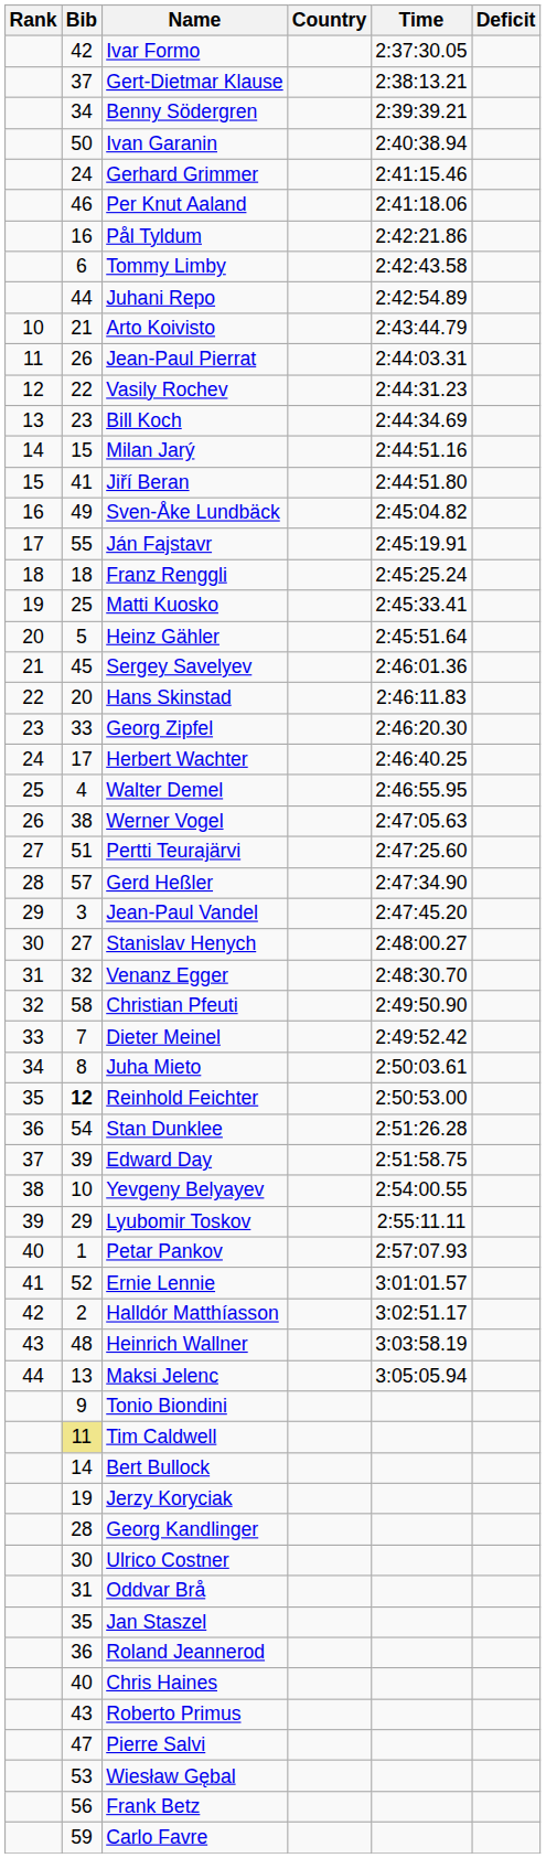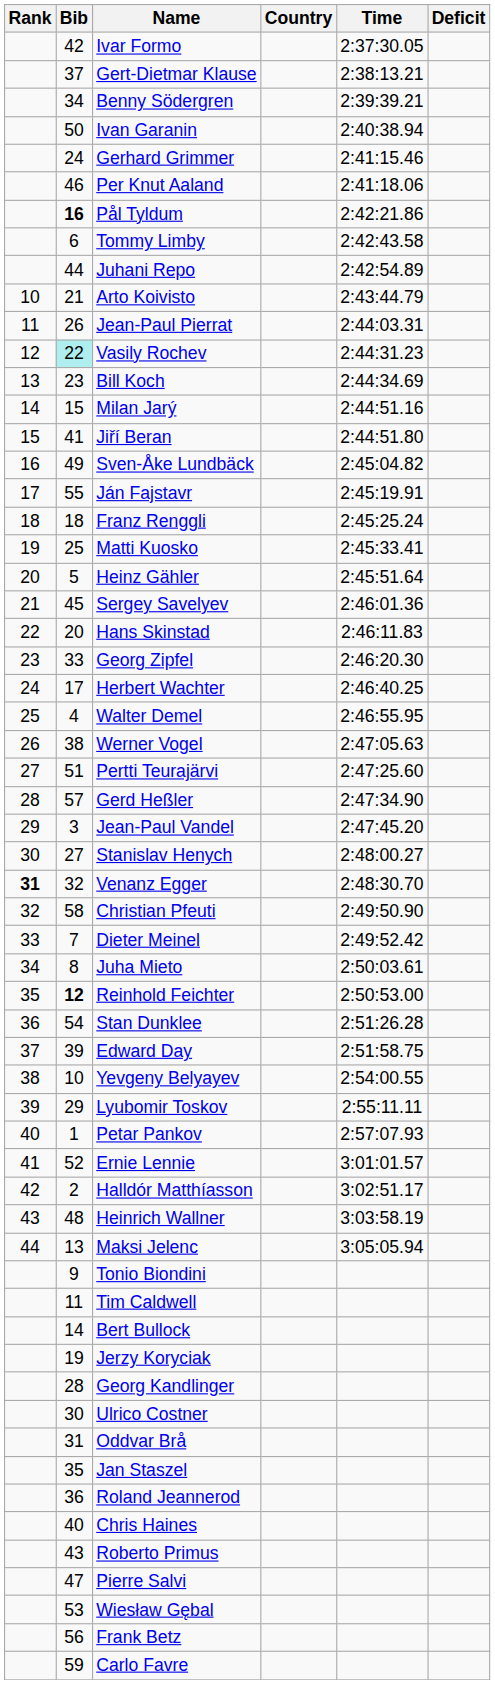 <table class="wikitable sortable" style="text-align:center">
 <tr>
 <th>Rank</th>
 <th>Bib</th>
 <th>Name</th>
 <th>Country</th>
 <th>Time</th>
 <th>Deficit</th>
 </tr>
 <tr>
 <td></td>
 <td>42</td>
 <td style="text-align:left;"><a href='#'>Ivar Formo</a></td>
 <td style="text-align:left;"></td>
 <td>2:37:30.05</td>
 <td></td>
 </tr>
 <tr>
 <td></td>
 <td>37</td>
 <td style="text-align:left;"><a href='#'>Gert-Dietmar Klause</a></td>
 <td style="text-align:left;"></td>
 <td>2:38:13.21</td>
 <td align=right></td>
 </tr>
 <tr>
 <td></td>
 <td>34</td>
 <td style="text-align:left;"><a href='#'>Benny Södergren</a></td>
 <td style="text-align:left;"></td>
 <td>2:39:39.21</td>
 <td align=right></td>
 </tr>
 <tr>
 <td></td>
 <td>50</td>
 <td style="text-align:left;"><a href='#'>Ivan Garanin</a></td>
 <td style="text-align:left;"></td>
 <td>2:40:38.94</td>
 <td align=right></td>
 </tr>
 <tr>
 <td></td>
 <td>24</td>
 <td style="text-align:left;"><a href='#'>Gerhard Grimmer</a></td>
 <td style="text-align:left;"></td>
 <td>2:41:15.46</td>
 <td align=right></td>
 </tr>
 <tr>
 <td></td>
 <td>46</td>
 <td style="text-align:left;"><a href='#'>Per Knut Aaland</a></td>
 <td style="text-align:left;"></td>
 <td>2:41:18.06</td>
 <td align=right></td>
 </tr>
 <tr>
 <td></td>
-<td>16</td>
+<td><strong>16</strong></td>
 <td style="text-align:left;"><a href='#'>Pål Tyldum</a></td>
 <td style="text-align:left;"></td>
 <td>2:42:21.86</td>
 <td align=right></td>
 </tr>
 <tr>
 <td></td>
 <td>6</td>
 <td style="text-align:left;"><a href='#'>Tommy Limby</a></td>
 <td style="text-align:left;"></td>
 <td>2:42:43.58</td>
 <td align=right></td>
 </tr>
 <tr>
 <td></td>
 <td>44</td>
 <td style="text-align:left;"><a href='#'>Juhani Repo</a></td>
 <td style="text-align:left;"></td>
 <td>2:42:54.89</td>
 <td align=right></td>
 </tr>
 <tr>
 <td>10</td>
 <td>21</td>
 <td style="text-align:left;"><a href='#'>Arto Koivisto</a></td>
 <td style="text-align:left;"></td>
 <td>2:43:44.79</td>
 <td align=right></td>
 </tr>
 <tr>
 <td>11</td>
 <td>26</td>
 <td style="text-align:left;"><a href='#'>Jean-Paul Pierrat</a></td>
 <td style="text-align:left;"></td>
 <td>2:44:03.31</td>
 <td align=right></td>
 </tr>
 <tr>
 <td>12</td>
-<td>22</td>
+<td style="background: paleturquoise;">22</td>
 <td style="text-align:left;"><a href='#'>Vasily Rochev</a></td>
 <td style="text-align:left;"></td>
 <td>2:44:31.23</td>
 <td align=right></td>
 </tr>
 <tr>
 <td>13</td>
 <td>23</td>
 <td style="text-align:left;"><a href='#'>Bill Koch</a></td>
 <td style="text-align:left;"></td>
 <td>2:44:34.69</td>
 <td align=right></td>
 </tr>
 <tr>
 <td>14</td>
 <td>15</td>
 <td style="text-align:left;"><a href='#'>Milan Jarý</a></td>
 <td style="text-align:left;"></td>
 <td>2:44:51.16</td>
 <td align=right></td>
 </tr>
 <tr>
 <td>15</td>
 <td>41</td>
 <td style="text-align:left;"><a href='#'>Jiří Beran</a></td>
 <td style="text-align:left;"></td>
 <td>2:44:51.80</td>
 <td align=right></td>
 </tr>
 <tr>
 <td>16</td>
 <td>49</td>
 <td style="text-align:left;"><a href='#'>Sven-Åke Lundbäck</a></td>
 <td style="text-align:left;"></td>
 <td>2:45:04.82</td>
 <td align=right></td>
 </tr>
 <tr>
 <td>17</td>
 <td>55</td>
 <td style="text-align:left;"><a href='#'>Ján Fajstavr</a></td>
 <td style="text-align:left;"></td>
 <td>2:45:19.91</td>
 <td align=right></td>
 </tr>
 <tr>
 <td>18</td>
 <td>18</td>
 <td style="text-align:left;"><a href='#'>Franz Renggli</a></td>
 <td style="text-align:left;"></td>
 <td>2:45:25.24</td>
 <td align=right></td>
 </tr>
 <tr>
 <td>19</td>
 <td>25</td>
 <td style="text-align:left;"><a href='#'>Matti Kuosko</a></td>
 <td style="text-align:left;"></td>
 <td>2:45:33.41</td>
 <td align=right></td>
 </tr>
 <tr>
 <td>20</td>
 <td>5</td>
 <td style="text-align:left;"><a href='#'>Heinz Gähler</a></td>
 <td style="text-align:left;"></td>
 <td>2:45:51.64</td>
 <td align=right></td>
 </tr>
 <tr>
 <td>21</td>
 <td>45</td>
 <td style="text-align:left;"><a href='#'>Sergey Savelyev</a></td>
 <td style="text-align:left;"></td>
 <td>2:46:01.36</td>
 <td align=right></td>
 </tr>
 <tr>
 <td>22</td>
 <td>20</td>
 <td style="text-align:left;"><a href='#'>Hans Skinstad</a></td>
 <td style="text-align:left;"></td>
 <td>2:46:11.83</td>
 <td align=right></td>
 </tr>
 <tr>
 <td>23</td>
 <td>33</td>
 <td style="text-align:left;"><a href='#'>Georg Zipfel</a></td>
 <td style="text-align:left;"></td>
 <td>2:46:20.30</td>
 <td align=right></td>
 </tr>
 <tr>
 <td>24</td>
 <td>17</td>
 <td style="text-align:left;"><a href='#'>Herbert Wachter</a></td>
 <td style="text-align:left;"></td>
 <td>2:46:40.25</td>
 <td align=right></td>
 </tr>
 <tr>
 <td>25</td>
 <td>4</td>
 <td style="text-align:left;"><a href='#'>Walter Demel</a></td>
 <td style="text-align:left;"></td>
 <td>2:46:55.95</td>
 <td align=right></td>
 </tr>
 <tr>
 <td>26</td>
 <td>38</td>
 <td style="text-align:left;"><a href='#'>Werner Vogel</a></td>
 <td style="text-align:left;"></td>
 <td>2:47:05.63</td>
 <td align=right></td>
 </tr>
 <tr>
 <td>27</td>
 <td>51</td>
 <td style="text-align:left;"><a href='#'>Pertti Teurajärvi</a></td>
 <td style="text-align:left;"></td>
 <td>2:47:25.60</td>
 <td align=right></td>
 </tr>
 <tr>
 <td>28</td>
 <td>57</td>
 <td style="text-align:left;"><a href='#'>Gerd Heßler</a></td>
 <td style="text-align:left;"></td>
 <td>2:47:34.90</td>
 <td align=right></td>
 </tr>
 <tr>
 <td>29</td>
 <td>3</td>
 <td style="text-align:left;"><a href='#'>Jean-Paul Vandel</a></td>
 <td style="text-align:left;"></td>
 <td>2:47:45.20</td>
 <td align=right></td>
 </tr>
 <tr>
 <td>30</td>
 <td>27</td>
 <td style="text-align:left;"><a href='#'>Stanislav Henych</a></td>
 <td style="text-align:left;"></td>
 <td>2:48:00.27</td>
 <td align=right></td>
 </tr>
 <tr>
-<td>31</td>
+<td><strong>31</strong></td>
 <td>32</td>
 <td style="text-align:left;"><a href='#'>Venanz Egger</a></td>
 <td style="text-align:left;"></td>
 <td>2:48:30.70</td>
 <td align=right></td>
 </tr>
 <tr>
 <td>32</td>
 <td>58</td>
 <td style="text-align:left;"><a href='#'>Christian Pfeuti</a></td>
 <td style="text-align:left;"></td>
 <td>2:49:50.90</td>
 <td align=right></td>
 </tr>
 <tr>
 <td>33</td>
 <td>7</td>
 <td style="text-align:left;"><a href='#'>Dieter Meinel</a></td>
 <td style="text-align:left;"></td>
 <td>2:49:52.42</td>
 <td align=right></td>
 </tr>
 <tr>
 <td>34</td>
 <td>8</td>
 <td style="text-align:left;"><a href='#'>Juha Mieto</a></td>
 <td style="text-align:left;"></td>
 <td>2:50:03.61</td>
 <td align=right></td>
 </tr>
 <tr>
 <td>35</td>
 <td><strong>12</strong></td>
 <td style="text-align:left;"><a href='#'>Reinhold Feichter</a></td>
 <td style="text-align:left;"></td>
 <td>2:50:53.00</td>
 <td align=right></td>
 </tr>
 <tr>
 <td>36</td>
 <td>54</td>
 <td style="text-align:left;"><a href='#'>Stan Dunklee</a></td>
 <td style="text-align:left;"></td>
 <td>2:51:26.28</td>
 <td align=right></td>
 </tr>
 <tr>
 <td>37</td>
 <td>39</td>
 <td style="text-align:left;"><a href='#'>Edward Day</a></td>
 <td style="text-align:left;"></td>
 <td>2:51:58.75</td>
 <td align=right></td>
 </tr>
 <tr>
 <td>38</td>
 <td>10</td>
 <td style="text-align:left;"><a href='#'>Yevgeny Belyayev</a></td>
 <td style="text-align:left;"></td>
 <td>2:54:00.55</td>
 <td align=right></td>
 </tr>
 <tr>
 <td>39</td>
 <td>29</td>
 <td style="text-align:left;"><a href='#'>Lyubomir Toskov</a></td>
 <td style="text-align:left;"></td>
 <td>2:55:11.11</td>
 <td align=right></td>
 </tr>
 <tr>
 <td>40</td>
 <td>1</td>
 <td style="text-align:left;"><a href='#'>Petar Pankov</a></td>
 <td style="text-align:left;"></td>
 <td>2:57:07.93</td>
 <td align=right></td>
 </tr>
 <tr>
 <td>41</td>
 <td>52</td>
 <td style="text-align:left;"><a href='#'>Ernie Lennie</a></td>
 <td style="text-align:left;"></td>
 <td>3:01:01.57</td>
 <td align=right></td>
 </tr>
 <tr>
 <td>42</td>
 <td>2</td>
 <td style="text-align:left;"><a href='#'>Halldór Matthíasson</a></td>
 <td style="text-align:left;"></td>
 <td>3:02:51.17</td>
 <td align=right></td>
 </tr>
 <tr>
 <td>43</td>
 <td>48</td>
 <td style="text-align:left;"><a href='#'>Heinrich Wallner</a></td>
 <td style="text-align:left;"></td>
 <td>3:03:58.19</td>
 <td align=right></td>
 </tr>
 <tr>
 <td>44</td>
 <td>13</td>
 <td style="text-align:left;"><a href='#'>Maksi Jelenc</a></td>
 <td style="text-align:left;"></td>
 <td>3:05:05.94</td>
 <td align=right></td>
 </tr>
 <tr>
 <td></td>
 <td>9</td>
 <td style="text-align:left;"><a href='#'>Tonio Biondini</a></td>
 <td style="text-align:left;"></td>
 <td></td>
 <td></td>
 </tr>
 <tr>
 <td></td>
-<td style="background: khaki;">11</td>
+<td>11</td>
 <td style="text-align:left;"><a href='#'>Tim Caldwell</a></td>
 <td style="text-align:left;"></td>
 <td></td>
 <td></td>
 </tr>
 <tr>
 <td></td>
 <td>14</td>
 <td style="text-align:left;"><a href='#'>Bert Bullock</a></td>
 <td style="text-align:left;"></td>
 <td></td>
 <td></td>
 </tr>
 <tr>
 <td></td>
 <td>19</td>
 <td style="text-align:left;"><a href='#'>Jerzy Koryciak</a></td>
 <td style="text-align:left;"></td>
 <td></td>
 <td></td>
 </tr>
 <tr>
 <td></td>
 <td>28</td>
 <td style="text-align:left;"><a href='#'>Georg Kandlinger</a></td>
 <td style="text-align:left;"></td>
 <td></td>
 <td></td>
 </tr>
 <tr>
 <td></td>
 <td>30</td>
 <td style="text-align:left;"><a href='#'>Ulrico Costner</a></td>
 <td style="text-align:left;"></td>
 <td></td>
 <td></td>
 </tr>
 <tr>
 <td></td>
 <td>31</td>
 <td style="text-align:left;"><a href='#'>Oddvar Brå</a></td>
 <td style="text-align:left;"></td>
 <td></td>
 <td></td>
 </tr>
 <tr>
 <td></td>
 <td>35</td>
 <td style="text-align:left;"><a href='#'>Jan Staszel</a></td>
 <td style="text-align:left;"></td>
 <td></td>
 <td></td>
 </tr>
 <tr>
 <td></td>
 <td>36</td>
 <td style="text-align:left;"><a href='#'>Roland Jeannerod</a></td>
 <td style="text-align:left;"></td>
 <td></td>
 <td></td>
 </tr>
 <tr>
 <td></td>
 <td>40</td>
 <td style="text-align:left;"><a href='#'>Chris Haines</a></td>
 <td style="text-align:left;"></td>
 <td></td>
 <td></td>
 </tr>
 <tr>
 <td></td>
 <td>43</td>
 <td style="text-align:left;"><a href='#'>Roberto Primus</a></td>
 <td style="text-align:left;"></td>
 <td></td>
 <td></td>
 </tr>
 <tr>
 <td></td>
 <td>47</td>
 <td style="text-align:left;"><a href='#'>Pierre Salvi</a></td>
 <td style="text-align:left;"></td>
 <td></td>
 <td></td>
 </tr>
 <tr>
 <td></td>
 <td>53</td>
 <td style="text-align:left;"><a href='#'>Wiesław Gębal</a></td>
 <td style="text-align:left;"></td>
 <td></td>
 <td></td>
 </tr>
 <tr>
 <td></td>
 <td>56</td>
 <td style="text-align:left;"><a href='#'>Frank Betz</a></td>
 <td style="text-align:left;"></td>
 <td></td>
 <td></td>
 </tr>
 <tr>
 <td></td>
 <td>59</td>
 <td style="text-align:left;"><a href='#'>Carlo Favre</a></td>
 <td style="text-align:left;"></td>
 <td></td>
 <td></td>
 </tr>
 </table>
